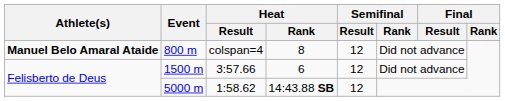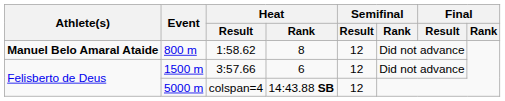 <table class="wikitable" style="font-size:90%">
 <tr>
 <th rowspan="2">Athlete(s)</th>
 <th rowspan="2">Event</th>
 <th colspan="2">Heat</th>
 <th colspan="2">Semifinal</th>
 <th colspan="2">Final</th>
 </tr>
 <tr style="font-size:95%">
 <th>Result</th>
 <th>Rank</th>
 <th>Result</th>
 <th>Rank</th>
 <th>Result</th>
 <th>Rank</th>
 </tr>
 <tr align=center>
 <td align=left><strong>Manuel Belo Amaral Ataide</strong></td>
 <td style="text-align:left;"><a href='#'>800 m</a></td>
-<td>colspan=4 </td>
+<td align=center>1:58.62</td>
 <td align=center>8</td>
 <td align=center>12</td>
 <td colspan=2>Did not advance</td>
 </tr>
 <tr align=center>
 <td align=left rowspan="2"><a href='#'>Felisberto de Deus</a></td>
 <td style="text-align:left;"><a href='#'>1500 m</a></td>
 <td align=center>3:57.66</td>
 <td align=center>6</td>
 <td align=center>12</td>
 <td colspan=2>Did not advance</td>
 </tr>
 <tr align=center>
 <td style="text-align:left;"><a href='#'>5000 m</a></td>
-<td align=center>1:58.62</td>
+<td>colspan=4 </td>
 <td align=center>14:43.88  <strong>SB</strong></td>
 <td align=center>12</td>
 </tr>
 </table>
